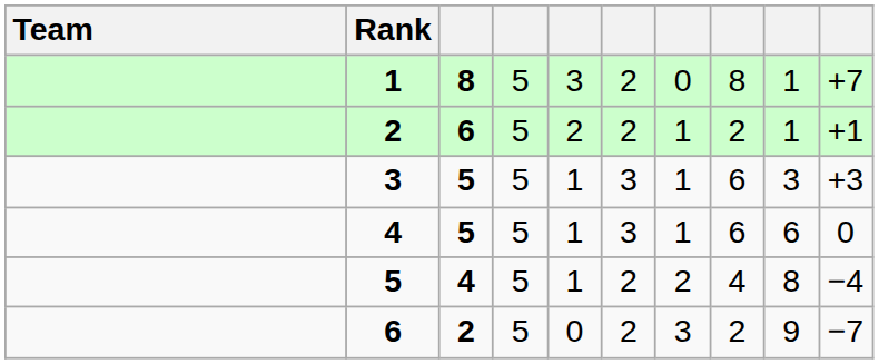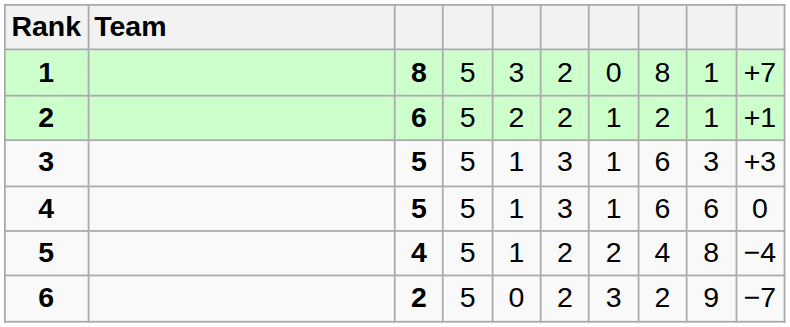 <table class="wikitable" style="text-align: center;">
 <tr>
+<th width=30>Rank</th>
 <th width=165 style="text-align:left;">Team</th>
-<th width=30>Rank</th>
 <th width=20></th>
 <th width=20></th>
 <th width=20></th>
 <th width=20></th>
 <th width=20></th>
 <th width=20></th>
 <th width=20></th>
 <th width=20></th>
 </tr>
 <tr style="background:#ccffcc;">
+<td><strong>1</strong></td>
 <td style="text-align:left;"></td>
-<td><strong>1</strong></td>
 <td><strong>8</strong></td>
 <td>5</td>
 <td>3</td>
 <td>2</td>
 <td>0</td>
 <td>8</td>
 <td>1</td>
 <td>+7</td>
 </tr>
 <tr style="background:#ccffcc;">
+<td><strong>2</strong></td>
 <td style="text-align:left;"></td>
-<td><strong>2</strong></td>
 <td><strong>6</strong></td>
 <td>5</td>
 <td>2</td>
 <td>2</td>
 <td>1</td>
 <td>2</td>
 <td>1</td>
 <td>+1</td>
 </tr>
 <tr>
+<td><strong>3</strong></td>
 <td style="text-align:left;"></td>
-<td><strong>3</strong></td>
 <td><strong>5</strong></td>
 <td>5</td>
 <td>1</td>
 <td>3</td>
 <td>1</td>
 <td>6</td>
 <td>3</td>
 <td>+3</td>
 </tr>
 <tr>
+<td><strong>4</strong></td>
 <td style="text-align:left;"></td>
-<td><strong>4</strong></td>
 <td><strong>5</strong></td>
 <td>5</td>
 <td>1</td>
 <td>3</td>
 <td>1</td>
 <td>6</td>
 <td>6</td>
 <td>0</td>
 </tr>
 <tr>
+<td><strong>5</strong></td>
 <td style="text-align:left;"></td>
-<td><strong>5</strong></td>
 <td><strong>4</strong></td>
 <td>5</td>
 <td>1</td>
 <td>2</td>
 <td>2</td>
 <td>4</td>
 <td>8</td>
 <td>−4</td>
 </tr>
 <tr>
+<td><strong>6</strong></td>
 <td style="text-align:left;"></td>
-<td><strong>6</strong></td>
 <td><strong>2</strong></td>
 <td>5</td>
 <td>0</td>
 <td>2</td>
 <td>3</td>
 <td>2</td>
 <td>9</td>
 <td>−7</td>
 </tr>
 </table>
